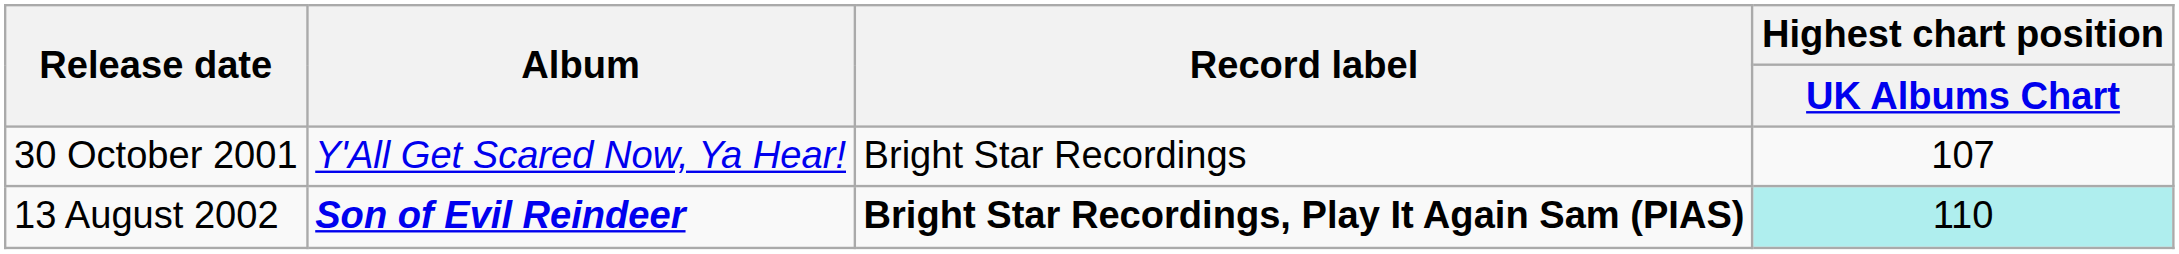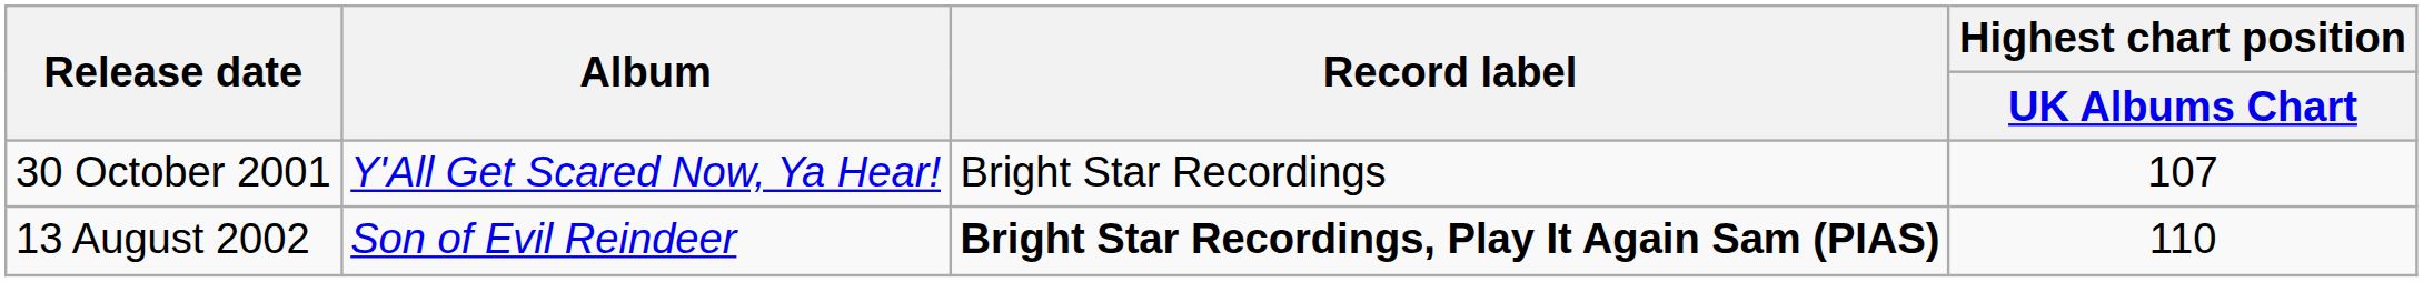 <table class="wikitable">
 <tr>
 <th rowspan="2">Release date</th>
 <th rowspan="2">Album</th>
 <th rowspan="2">Record label</th>
 <th colspan="4">Highest chart position</th>
 </tr>
 <tr>
 <th><a href='#'>UK Albums Chart</a></th>
 </tr>
 <tr>
 <td>30 October 2001</td>
 <td><em><a href='#'>Y'All Get Scared Now, Ya Hear!</a></em></td>
 <td>Bright Star Recordings</td>
 <td style="text-align:center;">107</td>
 </tr>
 <tr>
 <td>13 August 2002</td>
-<td><strong><em><a href='#'>Son of Evil Reindeer</a></em></strong></td>
+<td><em><a href='#'>Son of Evil Reindeer</a></em></td>
 <td><strong>Bright Star Recordings, Play It Again Sam (PIAS)</strong></td>
-<td style="background: paleturquoise; text-align:center;">110</td>
+<td style="text-align:center;">110</td>
 </tr>
 </table>
